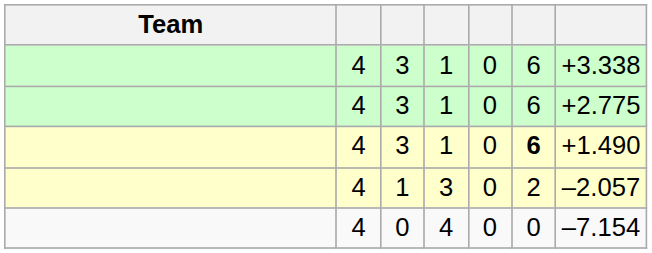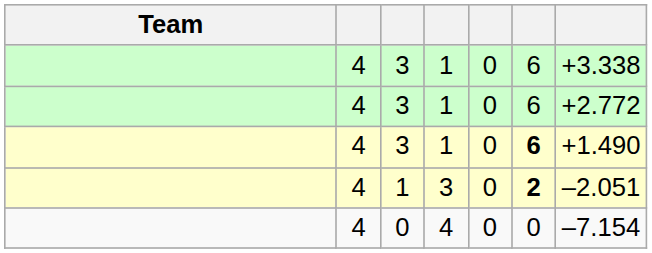 <table class="wikitable" style="text-align:center">
 <tr>
 <th width=200>Team</th>
 <th width=20></th>
 <th width=20></th>
 <th width=20></th>
 <th width=20></th>
 <th width=20></th>
 <th width=45></th>
 </tr>
 <tr style="background:#cfc">
 <td align="left"></td>
 <td>4</td>
 <td>3</td>
 <td>1</td>
 <td>0</td>
 <td>6</td>
 <td>+3.338</td>
 </tr>
 <tr style="background:#cfc">
 <td align="left"></td>
 <td>4</td>
 <td>3</td>
 <td>1</td>
 <td>0</td>
 <td>6</td>
-<td>+2.775</td>
+<td>+2.772</td>
 </tr>
 <tr style="background:#ffc;">
 <td align="left"></td>
 <td>4</td>
 <td>3</td>
 <td>1</td>
 <td>0</td>
 <td><strong>6</strong></td>
 <td>+1.490</td>
 </tr>
 <tr style="background:#ffc;">
 <td align="left"></td>
 <td>4</td>
 <td>1</td>
 <td>3</td>
 <td>0</td>
-<td>2</td>
-<td>–2.057</td>
+<td><strong>2</strong></td>
+<td>–2.051</td>
 </tr>
 <tr>
 <td align="left"></td>
 <td>4</td>
 <td>0</td>
 <td>4</td>
 <td>0</td>
 <td>0</td>
 <td>–7.154</td>
 </tr>
 </table>
